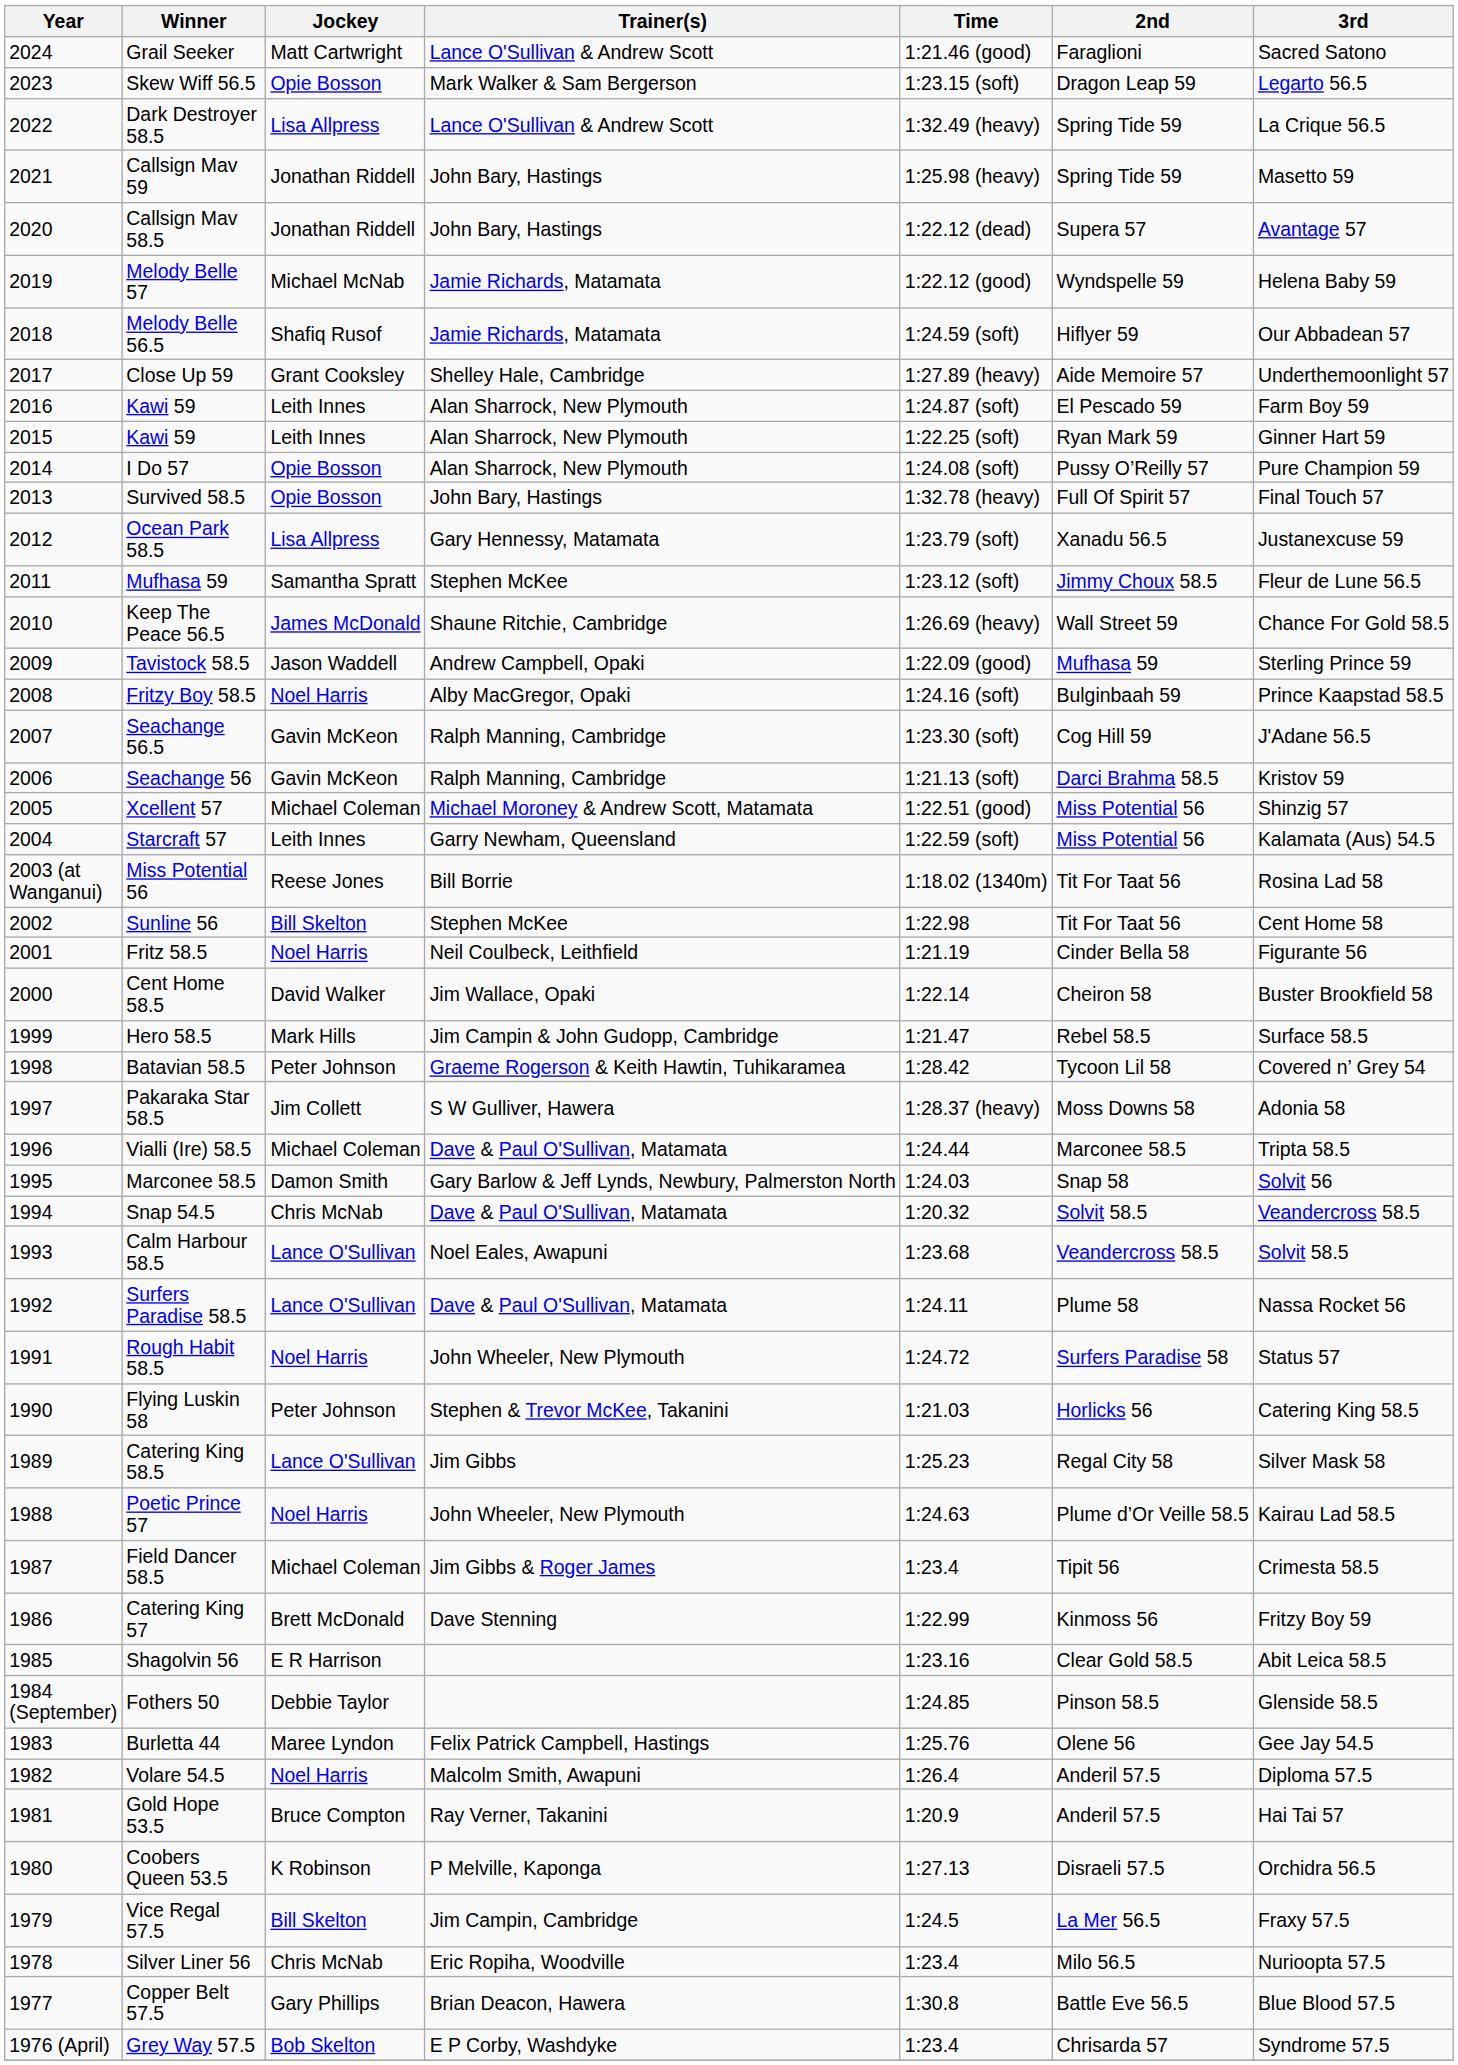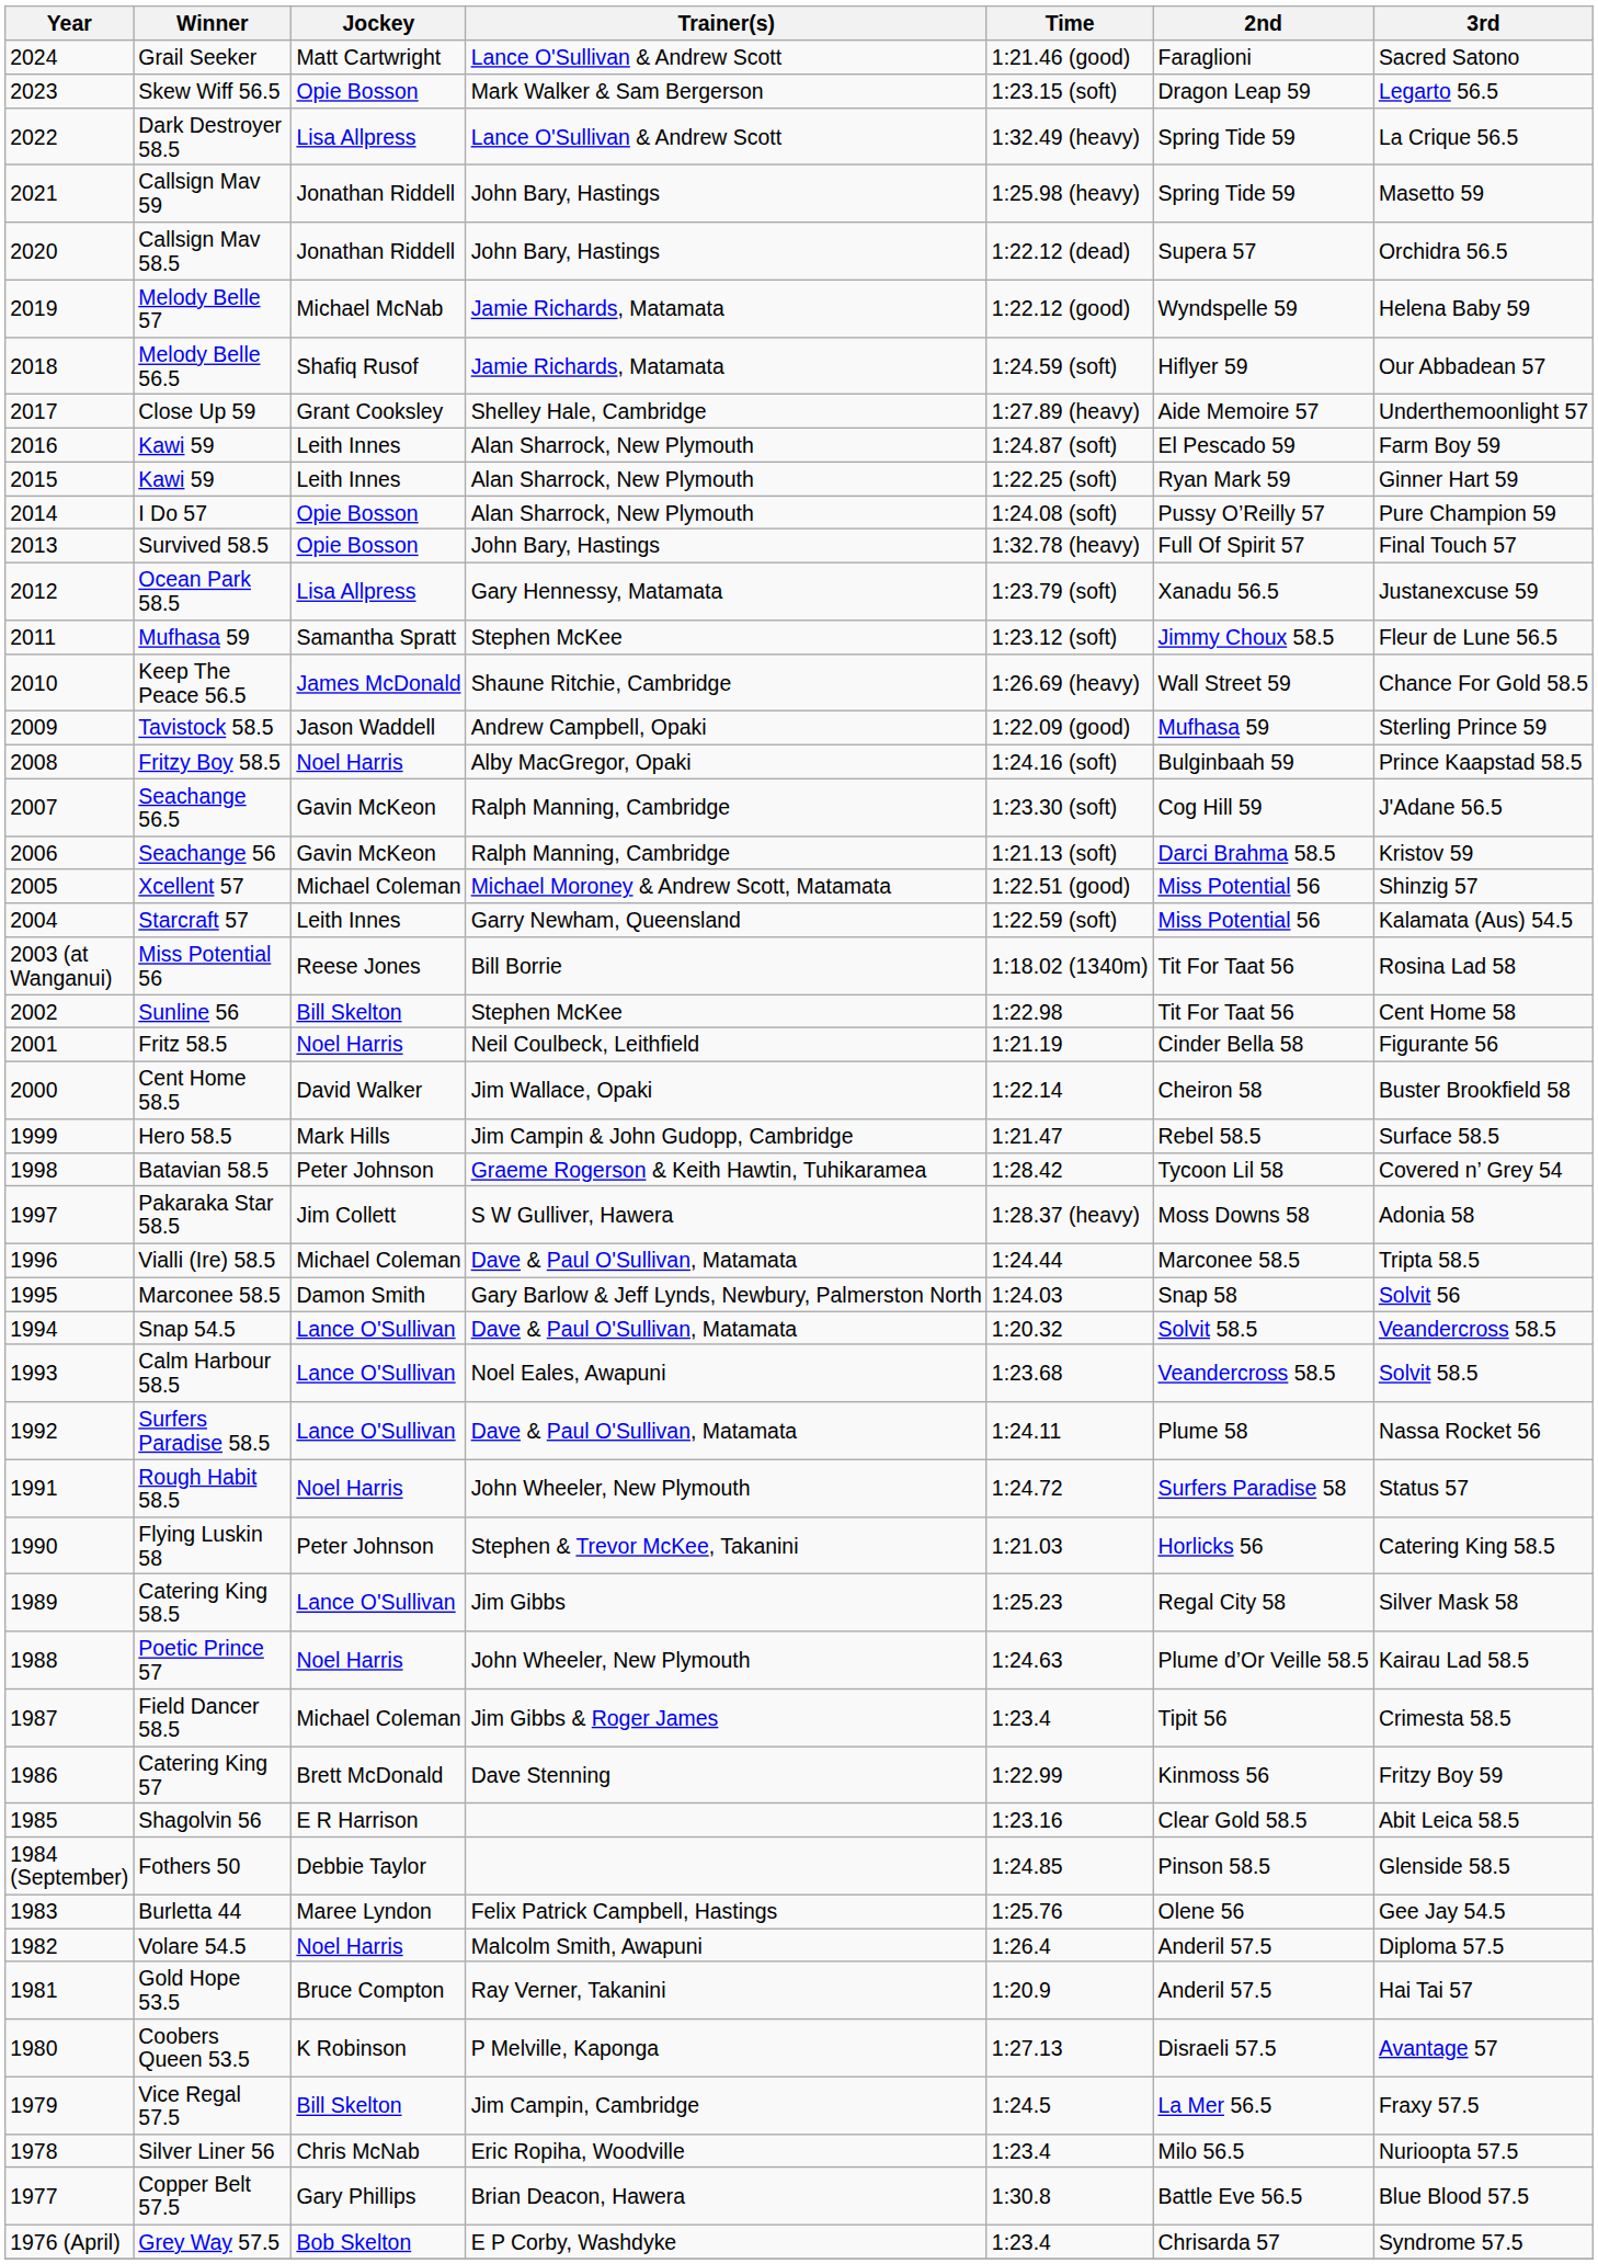 <table class="wikitable sortable" style="font-size:90%; float:left; margin-right:1em">
 <tr>
 <th style="width:38px">Year<br></th>
 <th style="width:100px">Winner<br></th>
 <th style=“width:100px”>Jockey<br></th>
 <th style=“width:120px”>Trainer(s)<br></th>
 <th style=“width:60px”>Time<br></th>
 <th style=“width:100px”>2nd<br></th>
 <th style=“width:100px”>3rd<br></th>
 </tr>
 <tr>
 <td>2024</td>
 <td>Grail Seeker</td>
 <td>Matt Cartwright</td>
 <td><a href='#'>Lance O'Sullivan</a> & Andrew Scott</td>
 <td>1:21.46 (good)</td>
 <td>Faraglioni</td>
 <td>Sacred Satono</td>
 </tr>
 <tr>
 <td>2023</td>
 <td>Skew Wiff 56.5</td>
 <td><a href='#'>Opie Bosson</a></td>
 <td>Mark Walker & Sam Bergerson</td>
 <td>1:23.15 (soft)</td>
 <td>Dragon Leap 59</td>
 <td><a href='#'>Legarto</a> 56.5</td>
 </tr>
 <tr>
 <td>2022</td>
 <td>Dark Destroyer 58.5</td>
 <td><a href='#'>Lisa Allpress</a></td>
 <td><a href='#'>Lance O'Sullivan</a> & Andrew Scott</td>
 <td>1:32.49 (heavy)</td>
 <td>Spring Tide 59</td>
 <td>La Crique 56.5</td>
 </tr>
 <tr>
 <td>2021</td>
 <td>Callsign Mav 59</td>
 <td>Jonathan Riddell</td>
 <td>John Bary, Hastings</td>
 <td>1:25.98 (heavy)</td>
 <td>Spring Tide 59</td>
 <td>Masetto 59</td>
 </tr>
 <tr>
 <td>2020</td>
 <td>Callsign Mav 58.5</td>
 <td>Jonathan Riddell</td>
 <td>John Bary, Hastings</td>
 <td>1:22.12 (dead)</td>
 <td>Supera 57</td>
-<td><a href='#'>Avantage</a> 57</td>
+<td>Orchidra 56.5</td>
 </tr>
 <tr>
 <td>2019 </td>
 <td><a href='#'>Melody Belle</a> 57</td>
 <td>Michael McNab</td>
 <td><a href='#'>Jamie Richards</a>, Matamata</td>
 <td>1:22.12 (good)</td>
 <td>Wyndspelle 59</td>
 <td>Helena Baby 59</td>
 </tr>
 <tr>
 <td>2018 </td>
 <td><a href='#'>Melody Belle</a> 56.5</td>
 <td>Shafiq Rusof</td>
 <td><a href='#'>Jamie Richards</a>, Matamata</td>
 <td>1:24.59 (soft)</td>
 <td>Hiflyer 59</td>
 <td>Our Abbadean 57</td>
 </tr>
 <tr>
 <td>2017 </td>
 <td>Close Up 59</td>
 <td>Grant Cooksley</td>
 <td>Shelley Hale, Cambridge</td>
 <td>1:27.89 (heavy)</td>
 <td>Aide Memoire 57</td>
 <td>Underthemoonlight 57</td>
 </tr>
 <tr>
 <td>2016 </td>
 <td><a href='#'>Kawi</a> 59</td>
 <td>Leith Innes</td>
 <td>Alan Sharrock, New Plymouth</td>
 <td>1:24.87 (soft)</td>
 <td>El Pescado 59</td>
 <td>Farm Boy 59</td>
 </tr>
 <tr>
 <td>2015 </td>
 <td><a href='#'>Kawi</a> 59</td>
 <td>Leith Innes</td>
 <td>Alan Sharrock, New Plymouth</td>
 <td>1:22.25 (soft)</td>
 <td>Ryan Mark 59</td>
 <td>Ginner Hart 59</td>
 </tr>
 <tr>
 <td>2014 </td>
 <td>I Do 57</td>
 <td><a href='#'>Opie Bosson</a></td>
 <td>Alan Sharrock, New Plymouth</td>
 <td>1:24.08 (soft)</td>
 <td>Pussy O’Reilly 57</td>
 <td>Pure Champion 59</td>
 </tr>
 <tr>
 <td>2013 </td>
 <td>Survived 58.5</td>
 <td><a href='#'>Opie Bosson</a></td>
 <td>John Bary, Hastings</td>
 <td>1:32.78 (heavy)</td>
 <td>Full Of Spirit 57</td>
 <td>Final Touch 57</td>
 </tr>
 <tr>
 <td>2012 </td>
 <td><a href='#'>Ocean Park</a> 58.5</td>
 <td><a href='#'>Lisa Allpress</a></td>
 <td>Gary Hennessy, Matamata</td>
 <td>1:23.79 (soft)</td>
 <td>Xanadu 56.5</td>
 <td>Justanexcuse 59</td>
 </tr>
 <tr>
 <td>2011</td>
 <td><a href='#'>Mufhasa</a> 59</td>
 <td>Samantha Spratt</td>
 <td>Stephen McKee</td>
 <td>1:23.12 (soft)</td>
 <td><a href='#'>Jimmy Choux</a> 58.5</td>
 <td>Fleur de Lune 56.5</td>
 </tr>
 <tr>
 <td>2010 </td>
 <td>Keep The Peace 56.5</td>
 <td><a href='#'>James McDonald</a></td>
 <td>Shaune Ritchie, Cambridge</td>
 <td>1:26.69 (heavy)</td>
 <td>Wall Street 59</td>
 <td>Chance For Gold 58.5</td>
 </tr>
 <tr>
 <td>2009 </td>
 <td><a href='#'>Tavistock</a> 58.5</td>
 <td>Jason Waddell</td>
 <td>Andrew Campbell, Opaki</td>
 <td>1:22.09 (good)</td>
 <td><a href='#'>Mufhasa</a> 59</td>
 <td>Sterling Prince 59</td>
 </tr>
 <tr>
 <td>2008 </td>
 <td><a href='#'>Fritzy Boy</a> 58.5</td>
 <td><a href='#'>Noel Harris</a></td>
 <td>Alby MacGregor, Opaki</td>
 <td>1:24.16 (soft)</td>
 <td>Bulginbaah 59</td>
 <td>Prince Kaapstad 58.5</td>
 </tr>
 <tr>
 <td>2007 </td>
 <td><a href='#'>Seachange</a> 56.5</td>
 <td>Gavin McKeon</td>
 <td>Ralph Manning, Cambridge</td>
 <td>1:23.30 (soft)</td>
 <td>Cog Hill 59</td>
 <td>J'Adane 56.5</td>
 </tr>
 <tr>
 <td>2006 </td>
 <td><a href='#'>Seachange</a> 56</td>
 <td>Gavin McKeon</td>
 <td>Ralph Manning, Cambridge</td>
 <td>1:21.13 (soft)</td>
 <td><a href='#'>Darci Brahma</a> 58.5</td>
 <td>Kristov 59</td>
 </tr>
 <tr>
 <td>2005</td>
 <td><a href='#'>Xcellent</a> 57 </td>
 <td>Michael Coleman</td>
 <td><a href='#'>Michael Moroney</a> & Andrew Scott, Matamata</td>
 <td>1:22.51 (good)</td>
 <td><a href='#'>Miss Potential</a> 56</td>
 <td>Shinzig 57</td>
 </tr>
 <tr>
 <td>2004</td>
 <td><a href='#'>Starcraft</a> 57 </td>
 <td>Leith Innes</td>
 <td>Garry Newham, Queensland</td>
 <td>1:22.59 (soft)</td>
 <td><a href='#'>Miss Potential</a> 56</td>
 <td>Kalamata (Aus) 54.5</td>
 </tr>
 <tr>
 <td>2003 (at Wanganui)</td>
 <td><a href='#'>Miss Potential</a> 56</td>
 <td>Reese Jones</td>
 <td>Bill Borrie</td>
 <td>1:18.02 (1340m)</td>
 <td>Tit For Taat 56</td>
 <td>Rosina Lad 58</td>
 </tr>
 <tr>
 <td>2002</td>
 <td><a href='#'>Sunline</a> 56</td>
 <td><a href='#'>Bill Skelton</a></td>
 <td>Stephen McKee</td>
 <td>1:22.98</td>
 <td>Tit For Taat 56</td>
 <td>Cent Home 58</td>
 </tr>
 <tr>
 <td>2001</td>
 <td>Fritz 58.5</td>
 <td><a href='#'>Noel Harris</a></td>
 <td>Neil Coulbeck, Leithfield</td>
 <td>1:21.19</td>
 <td>Cinder Bella 58</td>
 <td>Figurante 56</td>
 </tr>
 <tr>
 <td>2000</td>
 <td>Cent Home 58.5</td>
 <td>David Walker</td>
 <td>Jim Wallace, Opaki</td>
 <td>1:22.14</td>
 <td>Cheiron 58</td>
 <td>Buster Brookfield 58</td>
 </tr>
 <tr>
 <td>1999</td>
 <td>Hero 58.5</td>
 <td>Mark Hills</td>
 <td>Jim Campin & John Gudopp, Cambridge</td>
 <td>1:21.47</td>
 <td>Rebel 58.5</td>
 <td>Surface 58.5</td>
 </tr>
 <tr>
 <td>1998</td>
 <td>Batavian 58.5</td>
 <td>Peter Johnson</td>
 <td><a href='#'>Graeme Rogerson</a> & Keith Hawtin, Tuhikaramea</td>
 <td>1:28.42</td>
 <td>Tycoon Lil 58</td>
 <td>Covered n’ Grey 54</td>
 </tr>
 <tr>
 <td>1997</td>
 <td>Pakaraka Star 58.5</td>
 <td>Jim Collett</td>
 <td>S W Gulliver, Hawera</td>
 <td>1:28.37 (heavy)</td>
 <td>Moss Downs 58</td>
 <td>Adonia 58</td>
 </tr>
 <tr>
 <td>1996</td>
 <td>Vialli (Ire) 58.5</td>
 <td>Michael Coleman</td>
 <td><a href='#'>Dave</a> & <a href='#'>Paul O'Sullivan</a>, Matamata</td>
 <td>1:24.44</td>
 <td>Marconee 58.5</td>
 <td>Tripta 58.5</td>
 </tr>
 <tr>
 <td>1995</td>
 <td>Marconee 58.5</td>
 <td>Damon Smith</td>
 <td>Gary Barlow & Jeff Lynds, Newbury, Palmerston North</td>
 <td>1:24.03</td>
 <td>Snap 58</td>
 <td><a href='#'>Solvit</a> 56</td>
 </tr>
 <tr>
 <td>1994</td>
 <td>Snap 54.5</td>
-<td>Chris McNab</td>
+<td><a href='#'>Lance O'Sullivan</a></td>
 <td><a href='#'>Dave</a> & <a href='#'>Paul O'Sullivan</a>, Matamata</td>
 <td>1:20.32</td>
 <td><a href='#'>Solvit</a> 58.5</td>
 <td><a href='#'>Veandercross</a> 58.5</td>
 </tr>
 <tr>
 <td>1993</td>
 <td>Calm Harbour 58.5</td>
 <td><a href='#'>Lance O'Sullivan</a></td>
 <td>Noel Eales, Awapuni</td>
 <td>1:23.68</td>
 <td><a href='#'>Veandercross</a> 58.5</td>
 <td><a href='#'>Solvit</a> 58.5</td>
 </tr>
 <tr>
 <td>1992</td>
 <td><a href='#'>Surfers Paradise</a> 58.5</td>
 <td><a href='#'>Lance O'Sullivan</a></td>
 <td><a href='#'>Dave</a> & <a href='#'>Paul O'Sullivan</a>, Matamata</td>
 <td>1:24.11</td>
 <td>Plume 58</td>
 <td>Nassa Rocket 56</td>
 </tr>
 <tr>
 <td>1991</td>
 <td><a href='#'>Rough Habit</a> 58.5</td>
 <td><a href='#'>Noel Harris</a></td>
 <td>John Wheeler, New Plymouth</td>
 <td>1:24.72</td>
 <td><a href='#'>Surfers Paradise</a> 58</td>
 <td>Status 57</td>
 </tr>
 <tr>
 <td>1990</td>
 <td>Flying Luskin 58</td>
 <td>Peter Johnson</td>
 <td>Stephen & <a href='#'>Trevor McKee</a>, Takanini</td>
 <td>1:21.03</td>
 <td><a href='#'>Horlicks</a> 56</td>
 <td>Catering King 58.5</td>
 </tr>
 <tr>
 <td>1989</td>
 <td>Catering King 58.5</td>
 <td><a href='#'>Lance O'Sullivan</a></td>
 <td>Jim Gibbs</td>
 <td>1:25.23</td>
 <td>Regal City 58</td>
 <td>Silver Mask 58</td>
 </tr>
 <tr>
 <td>1988</td>
 <td><a href='#'>Poetic Prince</a> 57</td>
 <td><a href='#'>Noel Harris</a></td>
 <td>John Wheeler, New Plymouth</td>
 <td>1:24.63</td>
 <td>Plume d’Or Veille 58.5</td>
 <td>Kairau Lad 58.5</td>
 </tr>
 <tr>
 <td>1987</td>
 <td>Field Dancer 58.5</td>
 <td>Michael Coleman</td>
 <td>Jim Gibbs & <a href='#'>Roger James</a></td>
 <td>1:23.4</td>
 <td>Tipit 56</td>
 <td>Crimesta 58.5</td>
 </tr>
 <tr>
 <td>1986</td>
 <td>Catering King 57</td>
 <td>Brett McDonald</td>
 <td>Dave Stenning</td>
 <td>1:22.99</td>
 <td>Kinmoss 56</td>
 <td>Fritzy Boy 59</td>
 </tr>
 <tr>
 <td>1985</td>
 <td>Shagolvin 56</td>
 <td>E R Harrison</td>
 <td></td>
 <td>1:23.16</td>
 <td>Clear Gold 58.5</td>
 <td>Abit Leica 58.5</td>
 </tr>
 <tr>
 <td>1984 (September)</td>
 <td>Fothers 50</td>
 <td>Debbie Taylor</td>
 <td></td>
 <td>1:24.85</td>
 <td>Pinson 58.5</td>
 <td>Glenside 58.5</td>
 </tr>
 <tr>
 <td>1983</td>
 <td>Burletta 44</td>
 <td>Maree Lyndon</td>
 <td>Felix Patrick Campbell, Hastings</td>
 <td>1:25.76</td>
 <td>Olene 56</td>
 <td>Gee Jay 54.5</td>
 </tr>
 <tr>
 <td>1982</td>
 <td>Volare 54.5</td>
 <td><a href='#'>Noel Harris</a></td>
 <td>Malcolm Smith, Awapuni</td>
 <td>1:26.4</td>
 <td>Anderil 57.5</td>
 <td>Diploma 57.5</td>
 </tr>
 <tr>
 <td>1981</td>
 <td>Gold Hope 53.5</td>
 <td>Bruce Compton</td>
 <td>Ray Verner, Takanini</td>
 <td>1:20.9</td>
 <td>Anderil 57.5</td>
 <td>Hai Tai 57</td>
 </tr>
 <tr>
 <td>1980</td>
 <td>Coobers Queen 53.5</td>
 <td>K Robinson</td>
 <td>P Melville, Kaponga</td>
 <td>1:27.13</td>
 <td>Disraeli 57.5</td>
-<td>Orchidra 56.5</td>
+<td><a href='#'>Avantage</a> 57</td>
 </tr>
 <tr>
 <td>1979</td>
 <td>Vice Regal 57.5</td>
 <td><a href='#'>Bill Skelton</a></td>
 <td>Jim Campin, Cambridge</td>
 <td>1:24.5</td>
 <td><a href='#'>La Mer</a> 56.5</td>
 <td>Fraxy 57.5</td>
 </tr>
 <tr>
 <td>1978</td>
 <td>Silver Liner 56</td>
 <td>Chris McNab</td>
 <td>Eric Ropiha, Woodville</td>
 <td>1:23.4</td>
 <td>Milo 56.5</td>
 <td>Nurioopta 57.5</td>
 </tr>
 <tr>
 <td>1977</td>
 <td>Copper Belt 57.5</td>
 <td>Gary Phillips</td>
 <td>Brian Deacon, Hawera</td>
 <td>1:30.8</td>
 <td>Battle Eve 56.5</td>
 <td>Blue Blood 57.5</td>
 </tr>
 <tr>
 <td>1976 (April)</td>
 <td><a href='#'>Grey Way</a> 57.5</td>
 <td><a href='#'>Bob Skelton</a></td>
 <td>E P Corby, Washdyke</td>
 <td>1:23.4</td>
 <td>Chrisarda 57</td>
 <td>Syndrome 57.5</td>
 </tr>
 <tr>
 </tr>
 </table>
